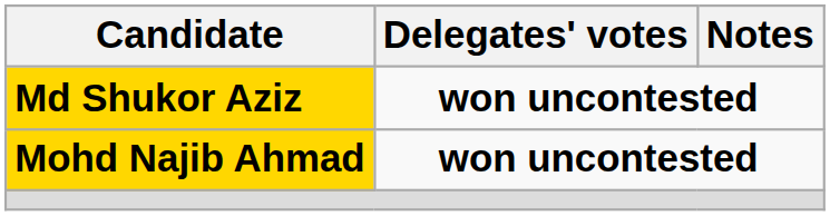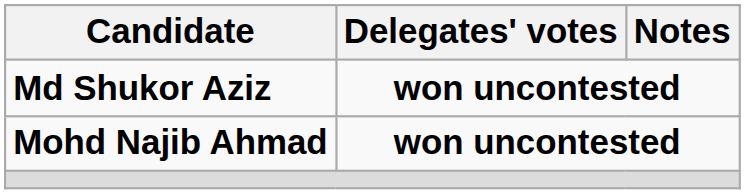 <table class="wikitable" style="text-align:center">
 <tr>
 <th>Candidate</th>
 <th>Delegates' votes</th>
 <th>Notes</th>
 </tr>
 <tr>
-<td align="left" style="background: gold;"><strong>Md Shukor Aziz</strong></td>
+<td align="left"><strong>Md Shukor Aziz</strong></td>
 <td colspan="2" align="center"><strong>won uncontested</strong></td>
 </tr>
 <tr>
-<td align="left" style="background: gold;"><strong>Mohd Najib Ahmad</strong></td>
+<td align="left"><strong>Mohd Najib Ahmad</strong></td>
 <td colspan="2" align="center"><strong>won uncontested</strong></td>
 </tr>
 <tr>
 <td colspan="3" bgcolor="dcdcdc"></td>
 </tr>
 </table>
